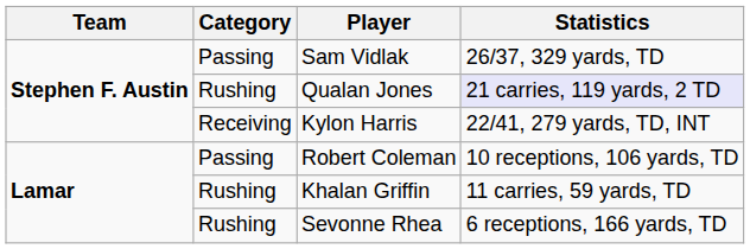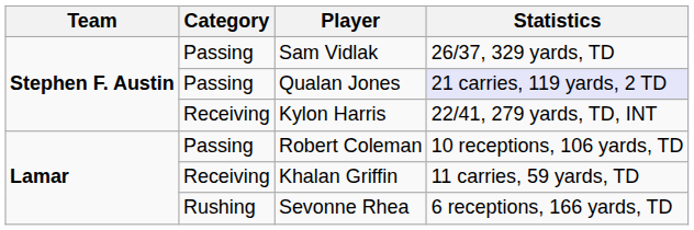 <table class="wikitable" style="float: right;">
 <tr>
 <th>Team</th>
 <th>Category</th>
 <th>Player</th>
 <th>Statistics</th>
 </tr>
 <tr>
 <td rowspan=3><strong>Stephen F. Austin</strong></td>
 <td>Passing</td>
 <td>Sam Vidlak</td>
 <td>26/37, 329 yards, TD</td>
 </tr>
 <tr>
-<td>Rushing</td>
+<td>Passing</td>
 <td>Qualan Jones</td>
 <td style="background: lavender;">21 carries, 119 yards, 2 TD</td>
 </tr>
 <tr>
 <td>Receiving</td>
 <td>Kylon Harris</td>
 <td>22/41, 279 yards, TD, INT</td>
 </tr>
 <tr>
 <td rowspan=3><strong>Lamar</strong></td>
 <td>Passing</td>
 <td>Robert Coleman</td>
 <td>10 receptions, 106 yards, TD</td>
 </tr>
 <tr>
-<td>Rushing</td>
+<td>Receiving</td>
 <td>Khalan Griffin</td>
 <td>11 carries, 59 yards, TD</td>
 </tr>
 <tr>
 <td>Rushing</td>
 <td>Sevonne Rhea</td>
 <td>6 receptions, 166 yards, TD</td>
 </tr>
 </table>
